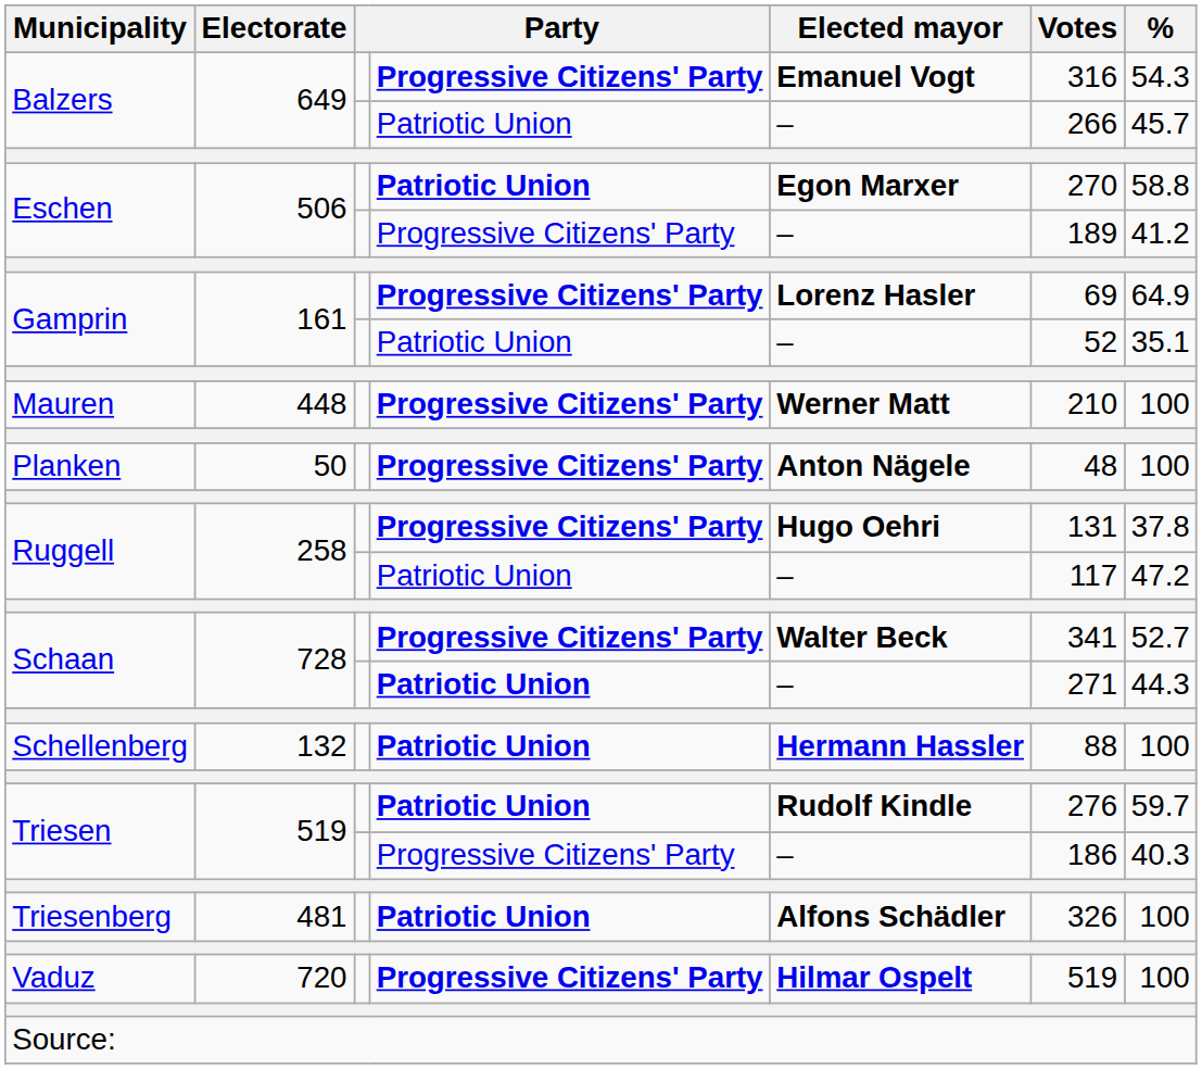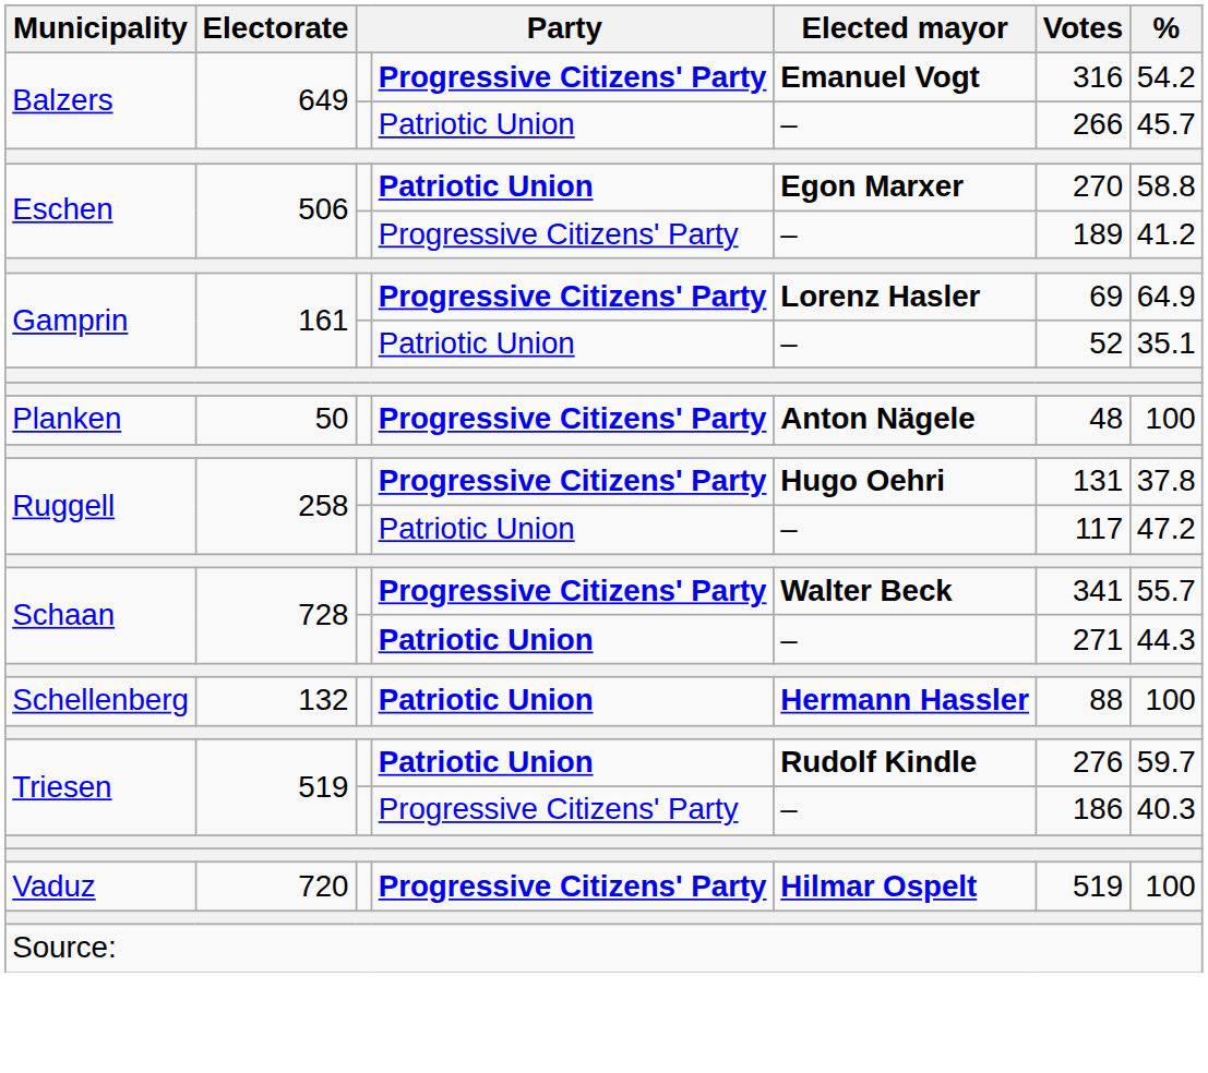 <table class="wikitable" style="text-align:right">
 <tr>
 <th>Municipality</th>
 <th>Electorate</th>
 <th colspan="2">Party</th>
 <th>Elected mayor</th>
 <th>Votes</th>
 <th>%</th>
 </tr>
 <tr>
 <td rowspan="2" align="left"><a href='#'>Balzers</a></td>
 <td rowspan="2">649</td>
 <td width="1" style="color:inherit;background:"></td>
 <td align="left"><strong><a href='#'>Progressive Citizens' Party</a></strong></td>
 <td align="left"><strong>Emanuel Vogt</strong></td>
 <td>316</td>
-<td>54.3</td>
+<td>54.2</td>
 </tr>
 <tr>
 <td style="color:inherit;background:"></td>
 <td align="left"><a href='#'>Patriotic Union</a></td>
 <td align="left">–</td>
 <td>266</td>
 <td>45.7</td>
 </tr>
 <tr>
 <th colspan="7"></th>
 </tr>
 <tr>
 <td rowspan="2" align="left"><a href='#'>Eschen</a></td>
 <td rowspan="2">506</td>
 <td style="color:inherit;background:"></td>
 <td align="left"><a href='#'><strong>Patriotic Union</strong></a></td>
 <td align="left"><strong>Egon Marxer</strong></td>
 <td>270</td>
 <td>58.8</td>
 </tr>
 <tr>
 <td style="color:inherit;background:"></td>
 <td align=left><a href='#'>Progressive Citizens' Party</a></td>
 <td align=left>–</td>
 <td>189</td>
 <td>41.2</td>
 </tr>
 <tr>
 <th colspan="7"></th>
 </tr>
 <tr>
 <td rowspan="2" align=left><a href='#'>Gamprin</a></td>
 <td rowspan="2">161</td>
 <td style="color:inherit;background:"></td>
 <td align=left><strong><a href='#'>Progressive Citizens' Party</a></strong></td>
 <td align=left><strong>Lorenz Hasler</strong></td>
 <td>69</td>
 <td>64.9</td>
 </tr>
 <tr>
 <td style="color:inherit;background:"></td>
 <td align="left"><a href='#'>Patriotic Union</a></td>
 <td align="left">–</td>
 <td>52</td>
 <td>35.1</td>
 </tr>
 <tr>
 <th colspan="7"></th>
 </tr>
 <tr>
-<td align="left"><a href='#'>Mauren</a></td>
-<td>448</td>
-<td style="color:inherit;background:"></td>
-<td align="left"><strong><a href='#'>Progressive Citizens' Party</a></strong></td>
-<td align="left"><strong>Werner Matt</strong></td>
-<td>210</td>
-<td>100</td>
-</tr>
-<tr>
 <th colspan="7"></th>
 </tr>
 <tr>
 <td align="left"><a href='#'>Planken</a></td>
 <td>50</td>
 <td style="color:inherit;background:"></td>
 <td align="left"><strong><a href='#'>Progressive Citizens' Party</a></strong></td>
 <td align="left"><strong>Anton Nägele</strong></td>
 <td>48</td>
 <td>100</td>
 </tr>
 <tr>
 <th colspan="7"></th>
 </tr>
 <tr>
 <td rowspan="2" align="left"><a href='#'>Ruggell</a></td>
 <td rowspan="2">258</td>
 <td style="color:inherit;background:"></td>
 <td align="left"><strong><a href='#'>Progressive Citizens' Party</a></strong></td>
 <td align="left"><strong>Hugo Oehri</strong></td>
 <td>131</td>
 <td>37.8</td>
 </tr>
 <tr>
 <td style="color:inherit;background:"></td>
 <td align="left"><a href='#'>Patriotic Union</a></td>
 <td align="left">–</td>
 <td>117</td>
 <td>47.2</td>
 </tr>
 <tr>
 <th colspan="7"></th>
 </tr>
 <tr>
 <td rowspan="2" align="left"><a href='#'>Schaan</a></td>
 <td rowspan="2">728</td>
 <td style="color:inherit;background:"></td>
 <td align="left"><strong><a href='#'>Progressive Citizens' Party</a></strong></td>
 <td align="left"><strong>Walter Beck</strong></td>
 <td>341</td>
-<td>52.7</td>
+<td>55.7</td>
 </tr>
 <tr>
 <td style="color:inherit;background:"></td>
 <td align=left><a href='#'><strong>Patriotic Union</strong></a></td>
 <td align=left>–</td>
 <td>271</td>
 <td>44.3</td>
 </tr>
 <tr>
 <th colspan="7"></th>
 </tr>
 <tr>
 <td align="left"><a href='#'>Schellenberg</a></td>
 <td>132</td>
 <td style="color:inherit;background:"></td>
 <td align="left"><a href='#'><strong>Patriotic Union</strong></a></td>
 <td align="left"><strong><a href='#'>Hermann Hassler</a></strong></td>
 <td>88</td>
 <td>100</td>
 </tr>
 <tr>
 <th colspan="7"></th>
 </tr>
 <tr>
 <td align=left rowspan="2"><a href='#'>Triesen</a></td>
 <td rowspan="2">519</td>
 <td style="color:inherit;background:"></td>
 <td align="left"><a href='#'><strong>Patriotic Union</strong></a></td>
 <td align="left"><strong>Rudolf Kindle</strong></td>
 <td>276</td>
 <td>59.7</td>
 </tr>
 <tr>
 <td style="color:inherit;background:"></td>
 <td align="left"><a href='#'>Progressive Citizens' Party</a></td>
 <td align="left">–</td>
 <td>186</td>
 <td>40.3</td>
 </tr>
 <tr>
 <th colspan="7"></th>
 </tr>
 <tr>
-<td align="left"><a href='#'>Triesenberg</a></td>
-<td>481</td>
-<td style="color:inherit;background:"></td>
-<td align="left"><a href='#'><strong>Patriotic Union</strong></a></td>
-<td align="left"><strong>Alfons Schädler</strong></td>
-<td>326</td>
-<td>100</td>
-</tr>
-<tr>
 <th colspan="7"></th>
 </tr>
 <tr>
 <td align="left"><a href='#'>Vaduz</a></td>
 <td>720</td>
 <td style="color:inherit;background:"></td>
 <td align="left"><strong><a href='#'>Progressive Citizens' Party</a></strong></td>
 <td align="left"><strong><a href='#'>Hilmar Ospelt</a></strong></td>
 <td>519</td>
 <td>100</td>
 </tr>
 <tr>
 <th colspan="7"></th>
 </tr>
 <tr>
 <td colspan="7" align="left">Source: </td>
 </tr>
 </table>
